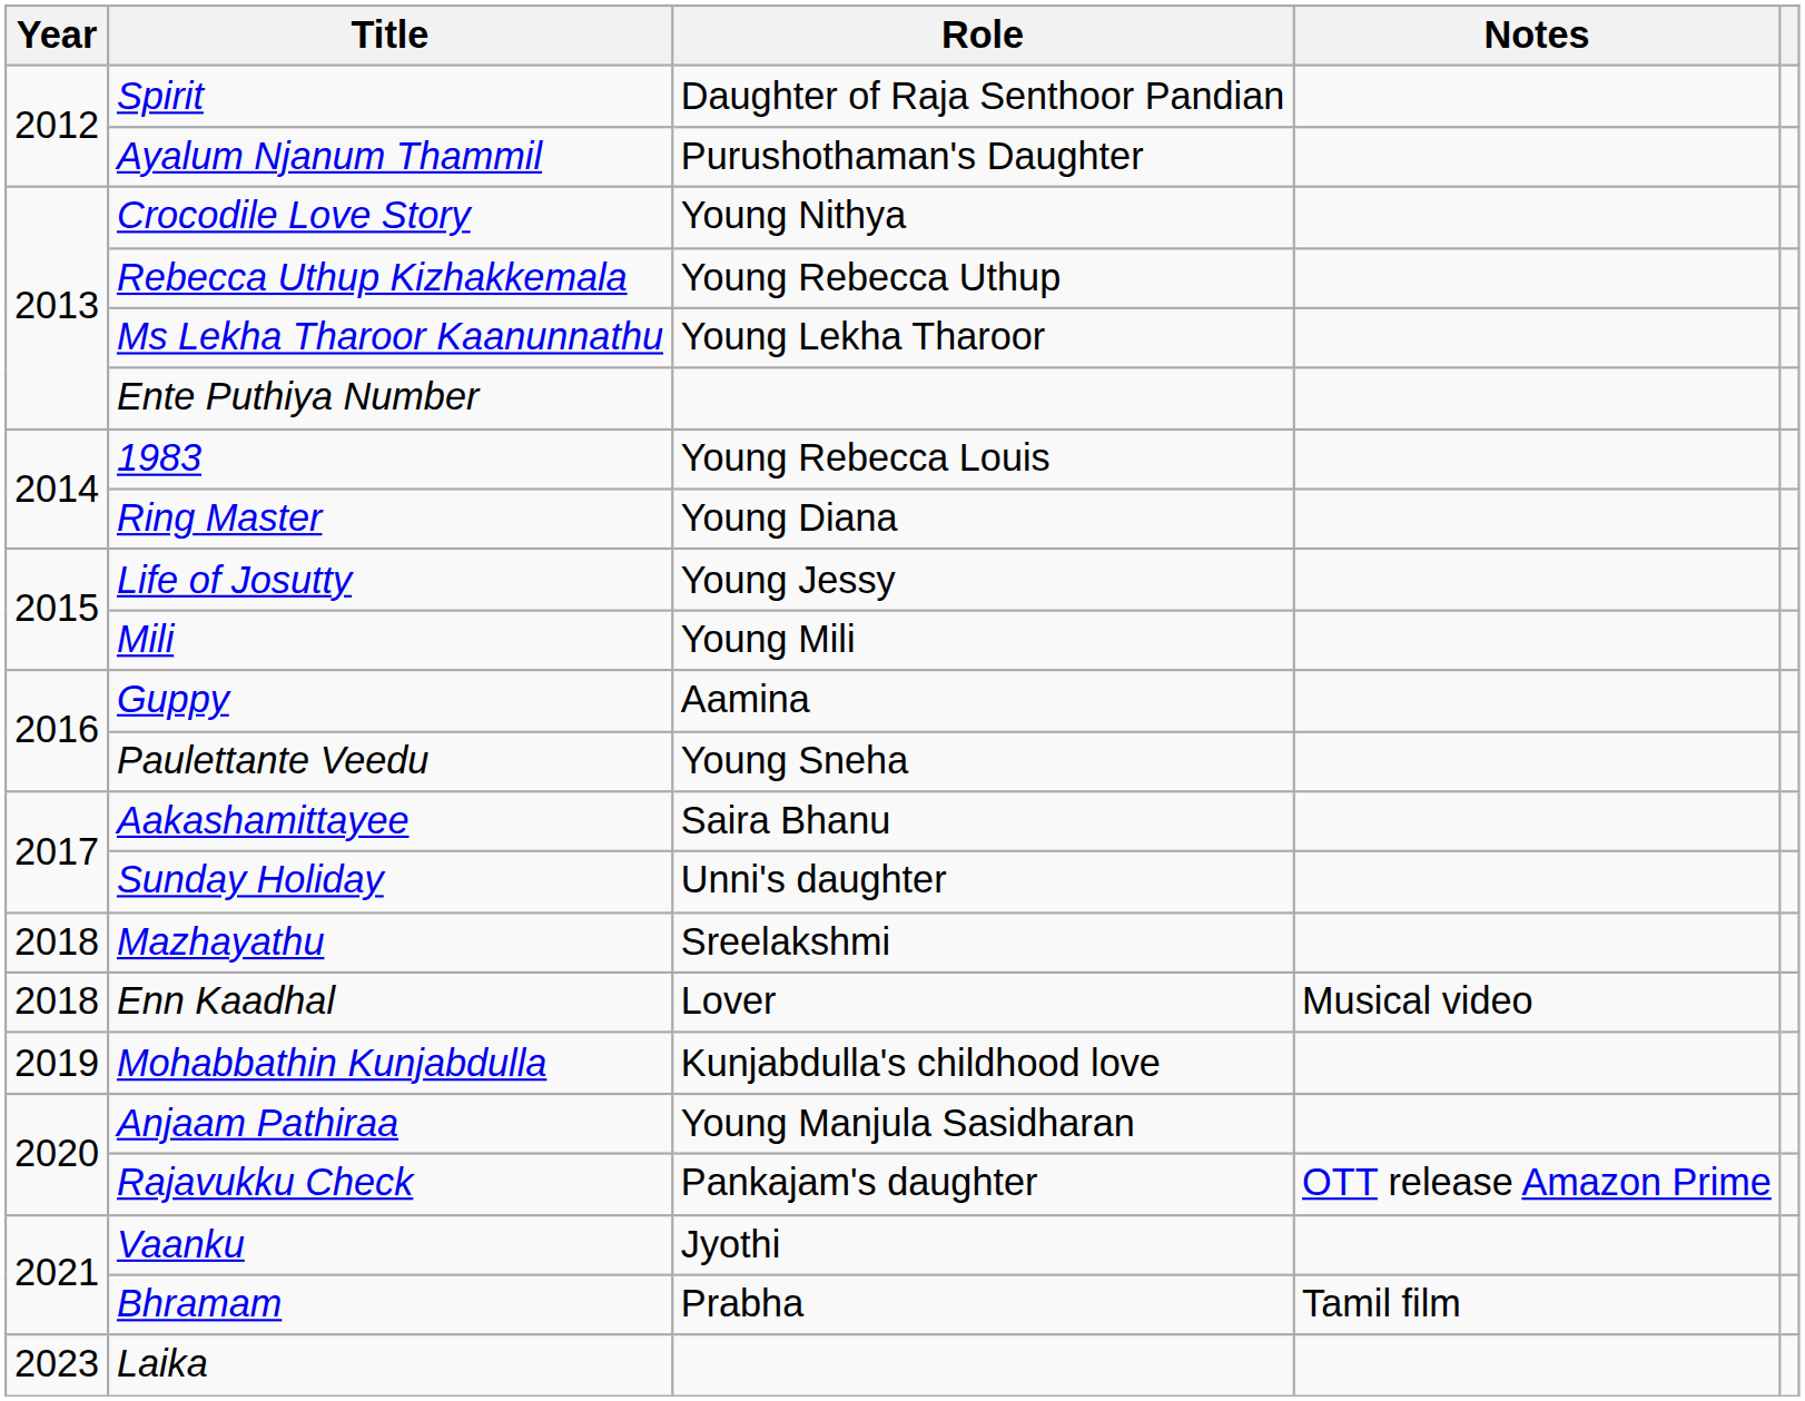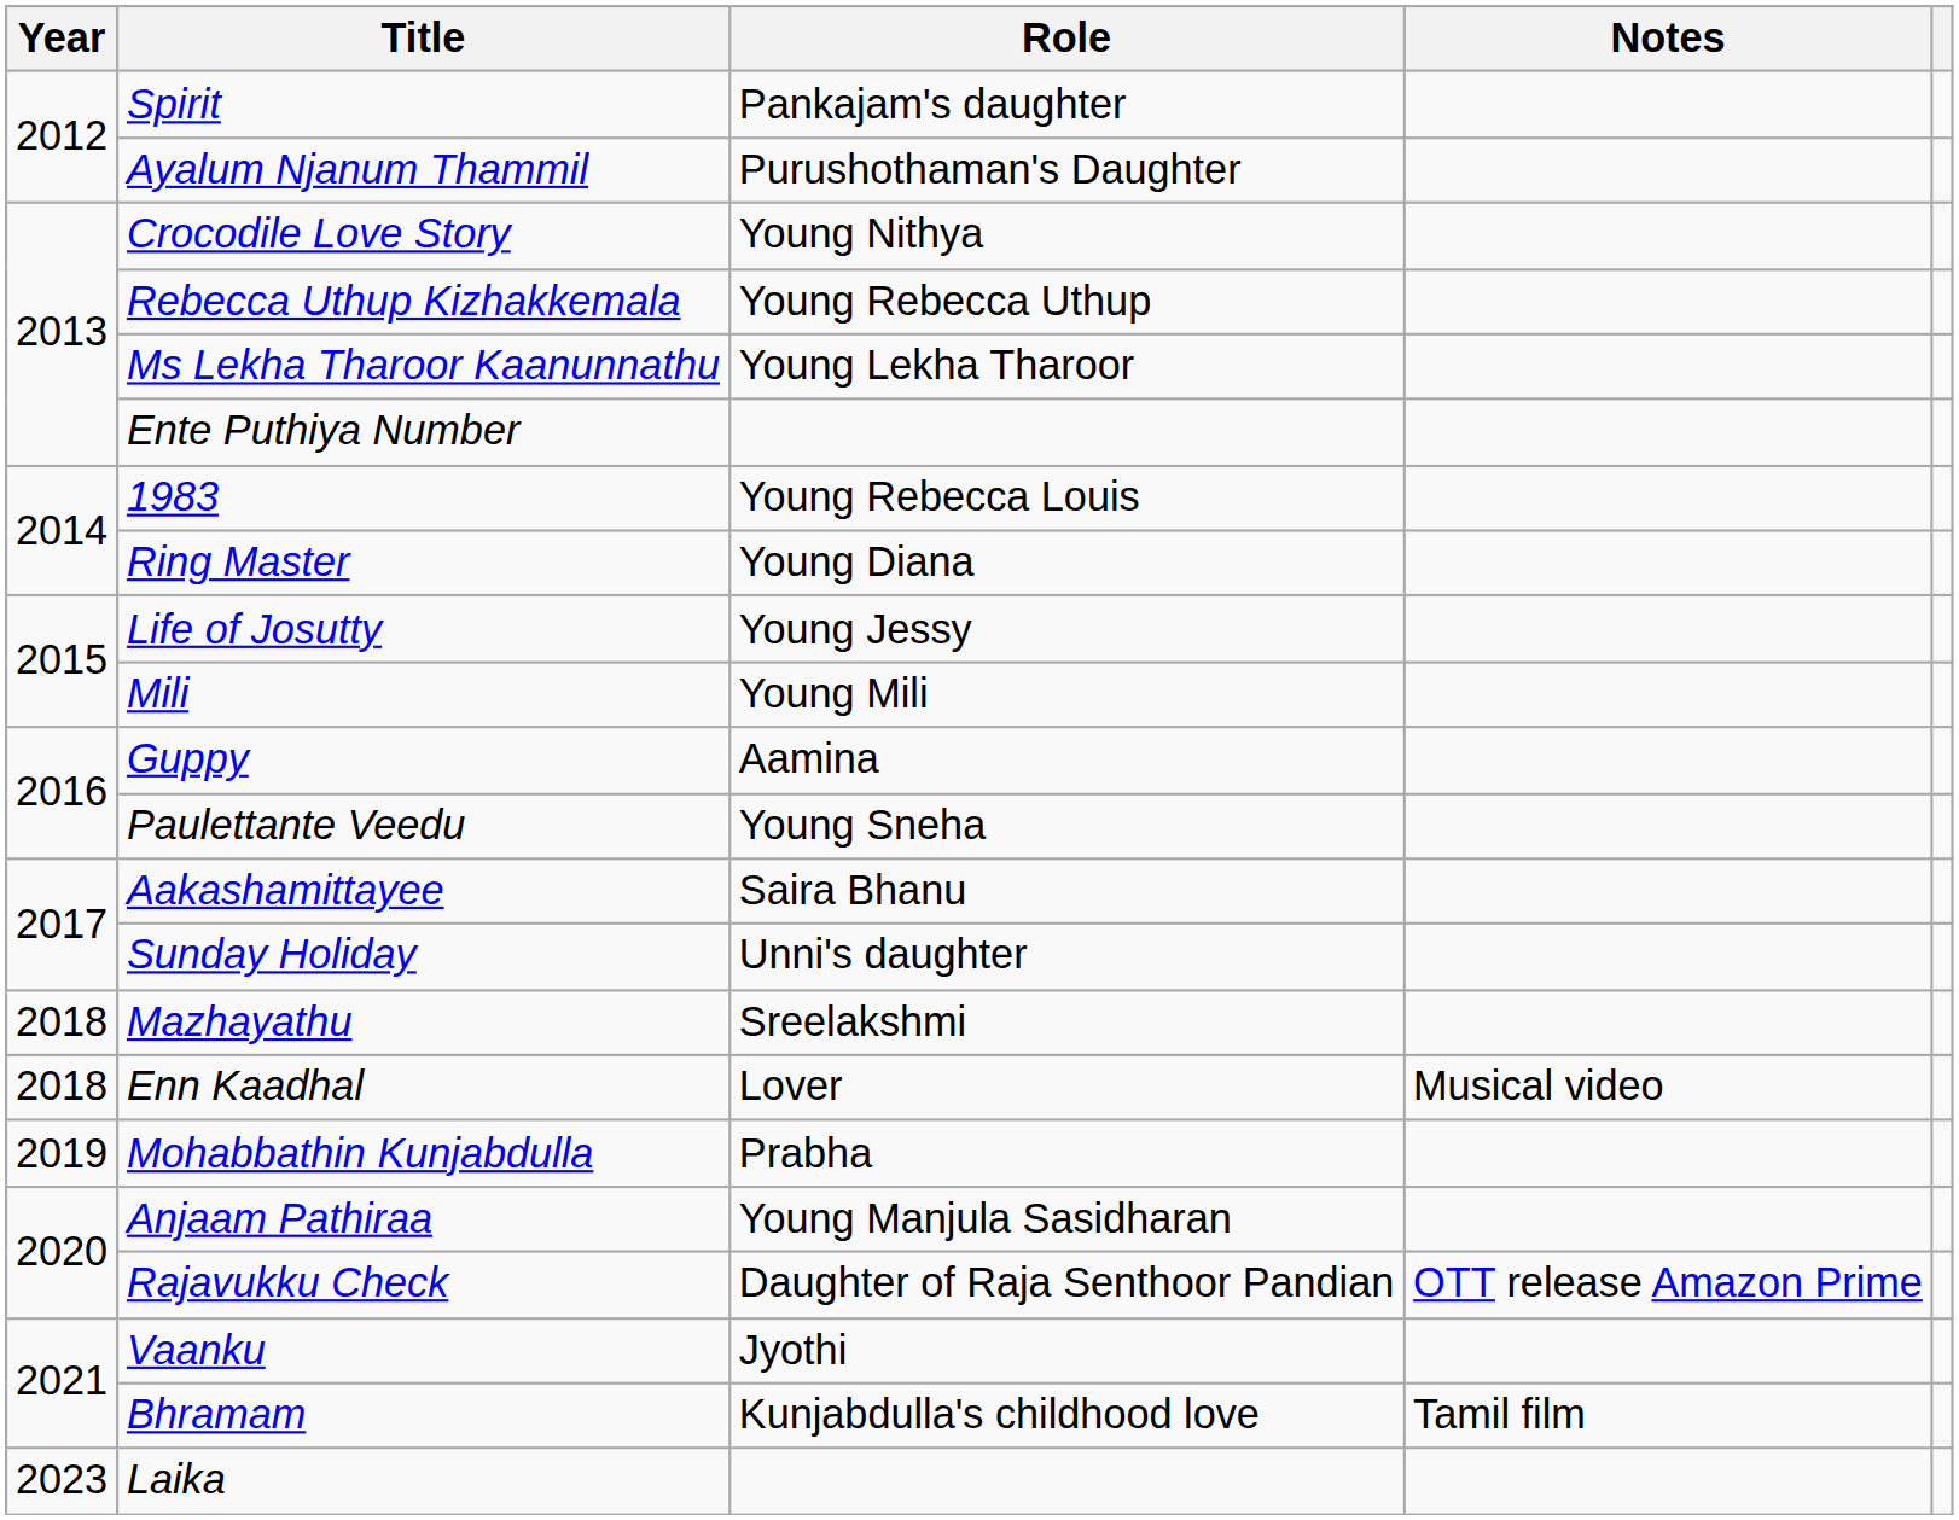 <table class="wikitable sortable">
 <tr>
 <th>Year</th>
 <th>Title</th>
 <th>Role</th>
 <th>Notes</th>
 <th></th>
 </tr>
 <tr>
 <td rowspan=2>2012</td>
 <td><em><a href='#'>Spirit</a></em></td>
-<td>Daughter of Raja Senthoor Pandian</td>
+<td>Pankajam's daughter</td>
 <td></td>
 <td></td>
 </tr>
 <tr>
 <td><em><a href='#'>Ayalum Njanum Thammil</a></em></td>
 <td>Purushothaman's Daughter</td>
 <td></td>
 <td></td>
 </tr>
 <tr>
 <td rowspan=4>2013</td>
 <td><em><a href='#'>Crocodile Love Story</a></em></td>
 <td>Young Nithya</td>
 <td></td>
 <td></td>
 </tr>
 <tr>
 <td><em><a href='#'>Rebecca Uthup Kizhakkemala</a></em></td>
 <td>Young Rebecca Uthup</td>
 <td></td>
 <td></td>
 </tr>
 <tr>
 <td><em><a href='#'>Ms Lekha Tharoor Kaanunnathu</a></em></td>
 <td>Young Lekha Tharoor</td>
 <td></td>
 <td></td>
 </tr>
 <tr>
 <td><em>Ente Puthiya Number</em></td>
 <td></td>
 <td></td>
 <td></td>
 </tr>
 <tr>
 <td rowspan=2>2014</td>
 <td><em><a href='#'>1983</a></em></td>
 <td>Young Rebecca Louis</td>
 <td></td>
 <td></td>
 </tr>
 <tr>
 <td><em><a href='#'>Ring Master</a></em></td>
 <td>Young Diana</td>
 <td></td>
 <td></td>
 </tr>
 <tr>
 <td rowspan=2>2015</td>
 <td><em><a href='#'>Life of Josutty</a></em></td>
 <td>Young Jessy</td>
 <td></td>
 <td></td>
 </tr>
 <tr>
 <td><em><a href='#'>Mili</a></em></td>
 <td>Young Mili</td>
 <td></td>
 <td></td>
 </tr>
 <tr>
 <td rowspan=2>2016</td>
 <td><em><a href='#'>Guppy</a></em></td>
 <td>Aamina</td>
 <td></td>
 <td></td>
 </tr>
 <tr>
 <td><em>Paulettante Veedu</em></td>
 <td>Young Sneha</td>
 <td></td>
 <td></td>
 </tr>
 <tr>
 <td rowspan=2>2017</td>
 <td><em><a href='#'>Aakashamittayee</a></em></td>
 <td>Saira Bhanu</td>
 <td></td>
 <td></td>
 </tr>
 <tr>
 <td><em><a href='#'>Sunday Holiday</a></em></td>
 <td>Unni's daughter</td>
 <td></td>
 <td></td>
 </tr>
 <tr>
 <td>2018</td>
 <td><em><a href='#'>Mazhayathu</a></em></td>
 <td>Sreelakshmi</td>
 <td></td>
 <td></td>
 </tr>
 <tr>
 <td>2018</td>
 <td><em>Enn Kaadhal</em></td>
 <td>Lover</td>
 <td>Musical video</td>
 <td></td>
 </tr>
 <tr>
 <td>2019</td>
 <td><em><a href='#'>Mohabbathin Kunjabdulla</a></em></td>
-<td>Kunjabdulla's childhood love</td>
+<td>Prabha</td>
 <td></td>
 <td></td>
 </tr>
 <tr>
 <td rowspan=2>2020</td>
 <td><em><a href='#'>Anjaam Pathiraa</a></em></td>
 <td>Young Manjula Sasidharan</td>
 <td></td>
 <td></td>
 </tr>
 <tr>
 <td><em><a href='#'>Rajavukku Check</a></em></td>
-<td>Pankajam's daughter</td>
+<td>Daughter of Raja Senthoor Pandian</td>
 <td><a href='#'>OTT</a> release <a href='#'>Amazon Prime</a></td>
 <td></td>
 </tr>
 <tr>
 <td rowspan=2>2021</td>
 <td><em><a href='#'>Vaanku</a></em></td>
 <td>Jyothi</td>
 <td></td>
 <td></td>
 </tr>
 <tr>
 <td><em><a href='#'>Bhramam</a></em></td>
-<td>Prabha</td>
+<td>Kunjabdulla's childhood love</td>
 <td>Tamil film</td>
 <td></td>
 </tr>
 <tr>
 <td>2023</td>
 <td><em>Laika</em></td>
 <td></td>
 <td></td>
 <td></td>
 </tr>
 <tr>
 </tr>
 </table>
